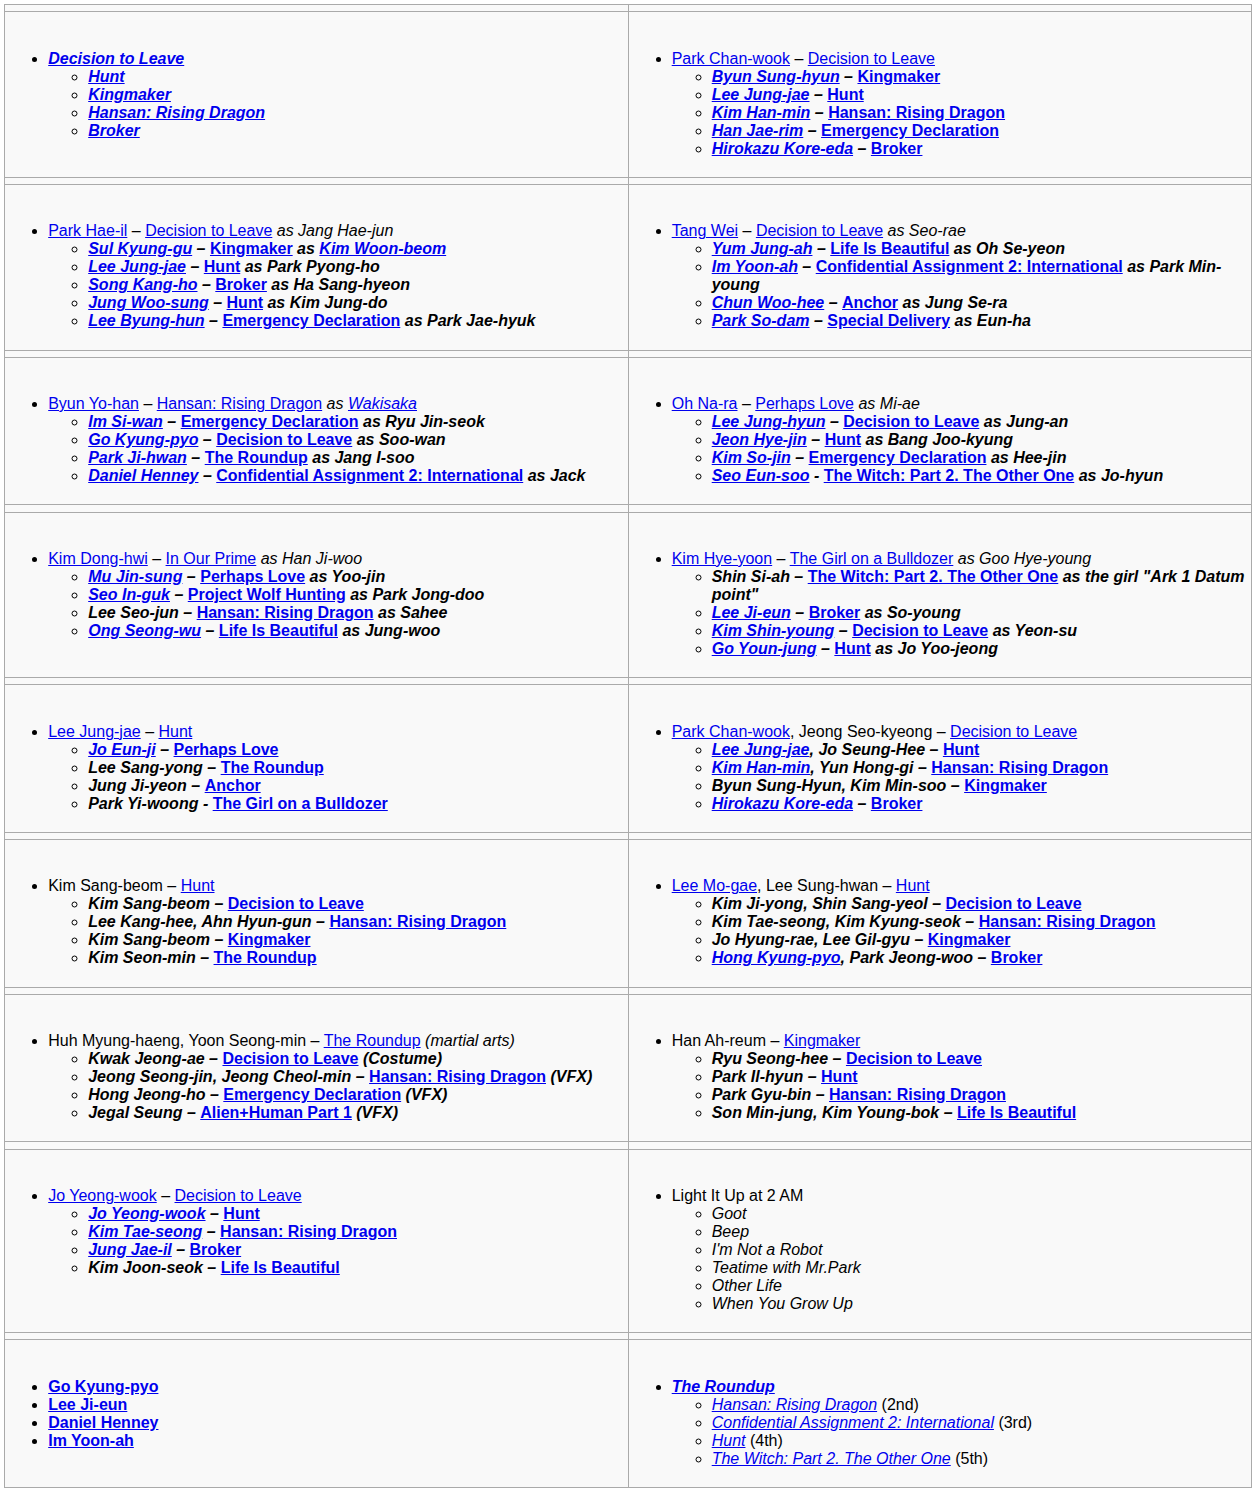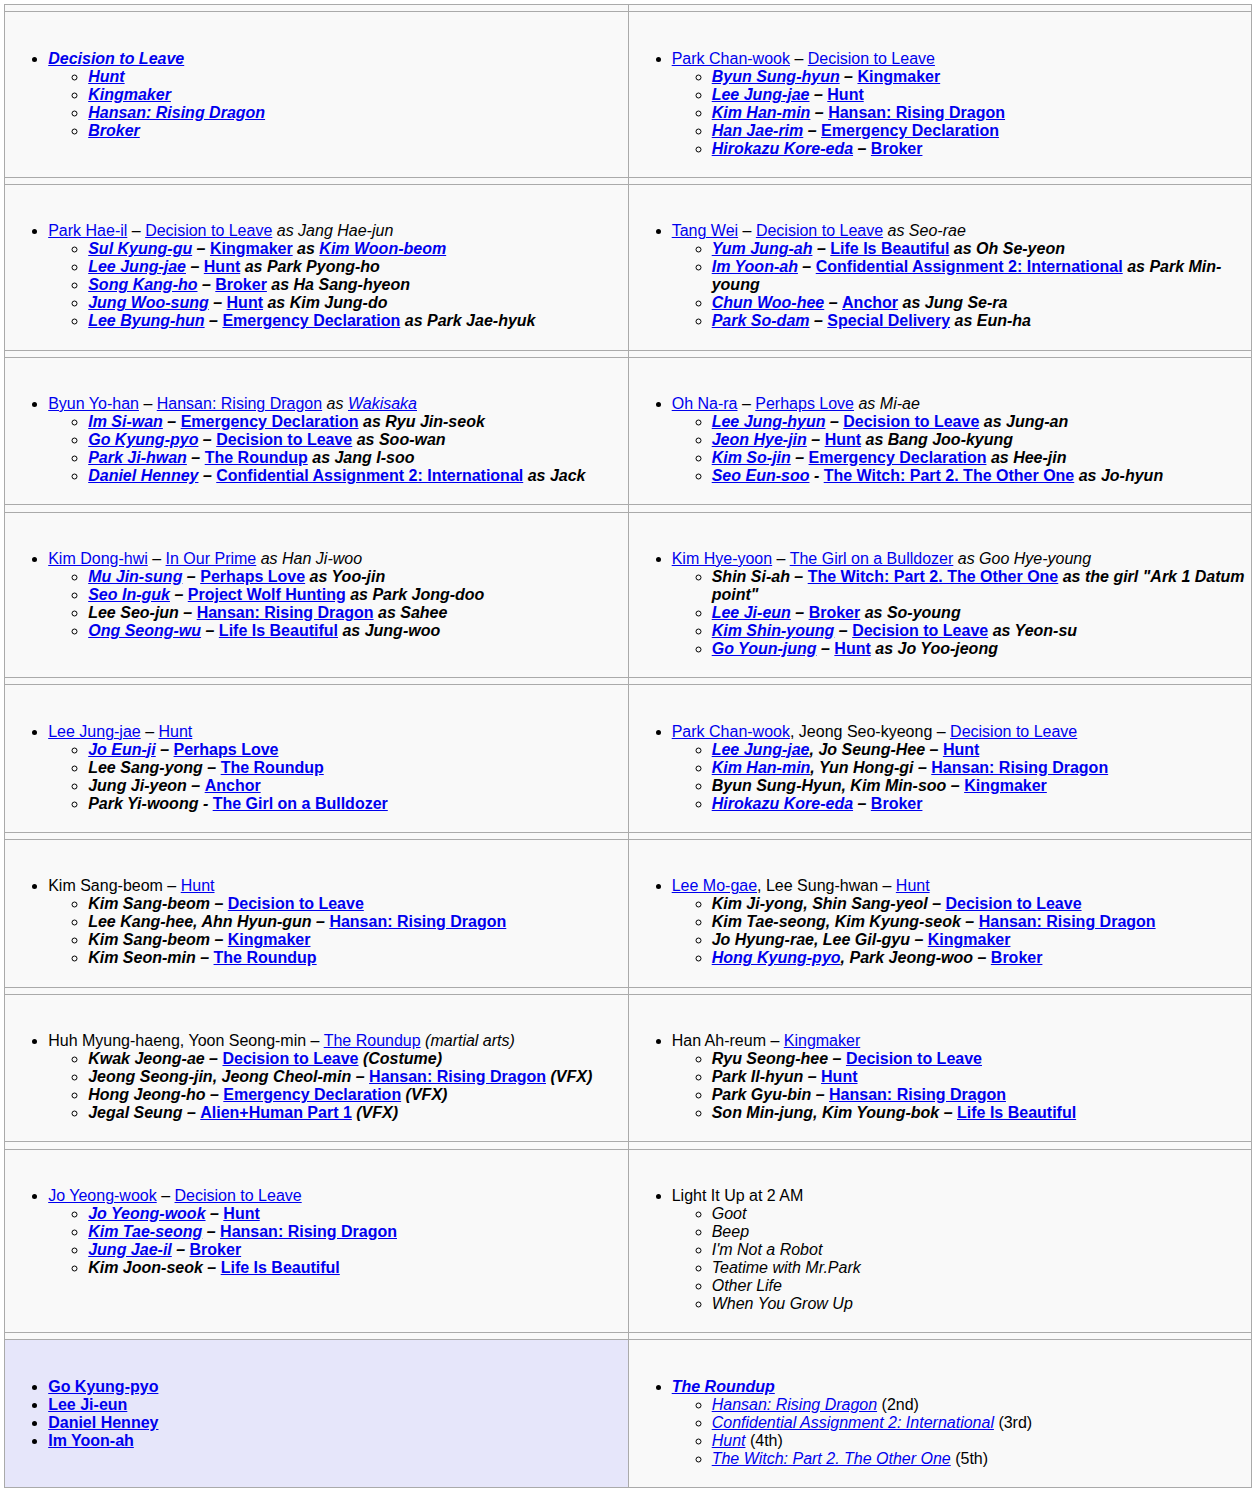 <table class="wikitable ">
 <tr>
 <td style="vertical-align:top; width:50%;"></td>
 <td style="vertical-align:top; width:50%;"></td>
 </tr>
 <tr>
 <td valign="top"><br><ul><li><strong><em><a href='#'>Decision to Leave</a><em> <strong><ul><li></em><a href='#'>Hunt</a><em></li><li></em><a href='#'>Kingmaker</a><em></li><li></em><a href='#'>Hansan: Rising Dragon</a><em></li><li></em><a href='#'>Broker</a><em></li></ul></li></ul></td>
 <td valign="top"><br><ul><li></strong><a href='#'>Park Chan-wook</a> – </em><a href='#'>Decision to Leave</a><em> <strong><ul><li><a href='#'>Byun Sung-hyun</a> – </em><a href='#'>Kingmaker</a><em></li><li><a href='#'>Lee Jung-jae</a> – </em><a href='#'>Hunt</a><em></li><li><a href='#'>Kim Han-min</a> – </em><a href='#'>Hansan: Rising Dragon</a><em></li><li><a href='#'>Han Jae-rim</a> – </em><a href='#'>Emergency Declaration</a><em></li><li><a href='#'>Hirokazu Kore-eda</a> – </em><a href='#'>Broker</a><em></li></ul></li></ul></td>
 </tr>
 <tr>
 <td style="vertical-align:top; width:50%;"></td>
 <td style="vertical-align:top; width:50%;"></td>
 </tr>
 <tr>
 <td valign="top"><br><ul><li></strong><a href='#'>Park Hae-il</a> – </em><a href='#'>Decision to Leave</a><em> as Jang Hae-jun <strong><ul><li><a href='#'>Sul Kyung-gu</a> – </em><a href='#'>Kingmaker</a><em> as <a href='#'>Kim Woon-beom</a></li><li><a href='#'>Lee Jung-jae</a> – </em><a href='#'>Hunt</a><em> as Park Pyong-ho</li><li><a href='#'>Song Kang-ho</a> – </em><a href='#'>Broker</a><em> as Ha Sang-hyeon</li><li><a href='#'>Jung Woo-sung</a> – </em><a href='#'>Hunt</a><em> as Kim Jung-do</li><li><a href='#'>Lee Byung-hun</a> – </em><a href='#'>Emergency Declaration</a><em> as Park Jae-hyuk</li></ul></li></ul></td>
 <td valign="top"><br><ul><li></strong><a href='#'>Tang Wei</a> – </em><a href='#'>Decision to Leave</a><em> as Seo-rae <strong><ul><li><a href='#'>Yum Jung-ah</a> – </em><a href='#'>Life Is Beautiful</a><em> as Oh Se-yeon</li><li><a href='#'>Im Yoon-ah</a> – </em><a href='#'>Confidential Assignment 2: International</a><em> as Park Min-young</li><li><a href='#'>Chun Woo-hee</a> – </em><a href='#'>Anchor</a><em> as Jung Se-ra</li><li><a href='#'>Park So-dam</a> – </em><a href='#'>Special Delivery</a><em> as Eun-ha</li></ul></li></ul></td>
 </tr>
 <tr>
 <td style="vertical-align:top; width:50%;"></td>
 <td style="vertical-align:top; width:50%;"></td>
 </tr>
 <tr>
 <td valign="top"><br><ul><li></strong><a href='#'>Byun Yo-han</a> – </em><a href='#'>Hansan: Rising Dragon</a><em> as <a href='#'>Wakisaka</a> <strong><ul><li><a href='#'>Im Si-wan</a> – </em><a href='#'>Emergency Declaration</a><em> as Ryu Jin-seok</li><li><a href='#'>Go Kyung-pyo</a> – </em><a href='#'>Decision to Leave</a><em> as Soo-wan</li><li><a href='#'>Park Ji-hwan</a> – </em><a href='#'>The Roundup</a><em> as Jang I-soo</li><li><a href='#'>Daniel Henney</a> – </em><a href='#'>Confidential Assignment 2: International</a><em> as Jack</li></ul></li></ul></td>
 <td valign="top"><br><ul><li></strong><a href='#'>Oh Na-ra</a> – </em><a href='#'>Perhaps Love</a><em> as Mi-ae <strong><ul><li><a href='#'>Lee Jung-hyun</a> – </em><a href='#'>Decision to Leave</a><em> as Jung-an</li><li><a href='#'>Jeon Hye-jin</a> – </em><a href='#'>Hunt</a><em> as Bang Joo-kyung</li><li><a href='#'>Kim So-jin</a> – </em><a href='#'>Emergency Declaration</a><em> as Hee-jin</li><li><a href='#'>Seo Eun-soo</a> - </em><a href='#'>The Witch: Part 2. The Other One</a><em> as Jo-hyun</li></ul></li></ul></td>
 </tr>
 <tr>
 <td style="vertical-align:top; width:50%;"></td>
 <td style="vertical-align:top; width:50%;"></td>
 </tr>
 <tr>
 <td valign="top"><br><ul><li></strong><a href='#'>Kim Dong-hwi</a> – </em><a href='#'>In Our Prime</a><em> as  Han Ji-woo <strong><ul><li><a href='#'>Mu Jin-sung</a> – </em><a href='#'>Perhaps Love</a><em> as Yoo-jin</li><li><a href='#'>Seo In-guk</a> – </em><a href='#'>Project Wolf Hunting</a><em> as Park Jong-doo</li><li>Lee Seo-jun – </em><a href='#'>Hansan: Rising Dragon</a><em> as Sahee</li><li><a href='#'>Ong Seong-wu</a> – </em><a href='#'>Life Is Beautiful</a><em> as Jung-woo</li></ul></li></ul></td>
 <td valign="top"><br><ul><li></strong><a href='#'>Kim Hye-yoon</a> – </em><a href='#'>The Girl on a Bulldozer</a><em> as Goo Hye-young <strong><ul><li>Shin Si-ah – </em><a href='#'>The Witch: Part 2. The Other One</a><em> as the girl "Ark 1 Datum point"</li><li><a href='#'>Lee Ji-eun</a> – </em><a href='#'>Broker</a><em> as So-young</li><li><a href='#'>Kim Shin-young</a> – </em><a href='#'>Decision to Leave</a><em> as Yeon-su</li><li><a href='#'>Go Youn-jung</a> – </em><a href='#'>Hunt</a><em> as Jo Yoo-jeong</li></ul></li></ul></td>
 </tr>
 <tr>
 </tr>
 <tr>
 <td style="vertical-align:top; width:50%;"></td>
 <td style="vertical-align:top; width:50%;"></td>
 </tr>
 <tr>
 <td valign="top"><br><ul><li></strong><a href='#'>Lee Jung-jae</a> – </em><a href='#'>Hunt</a><em> <strong><ul><li><a href='#'>Jo Eun-ji</a> – </em><a href='#'>Perhaps Love</a><em></li><li>Lee Sang-yong – </em><a href='#'>The Roundup</a><em></li><li>Jung Ji-yeon – </em><a href='#'>Anchor</a><em></li><li>Park Yi-woong - </em><a href='#'>The Girl on a Bulldozer</a><em></li></ul></li></ul></td>
 <td valign="top"><br><ul><li></strong><a href='#'>Park Chan-wook</a>, Jeong Seo-kyeong – </em><a href='#'>Decision to Leave</a><em> <strong><ul><li><a href='#'>Lee Jung-jae</a>, Jo Seung-Hee – </em><a href='#'>Hunt</a><em></li><li><a href='#'>Kim Han-min</a>, Yun Hong-gi – </em><a href='#'>Hansan: Rising Dragon</a><em></li><li>Byun Sung-Hyun, Kim Min-soo – </em><a href='#'>Kingmaker</a><em></li><li><a href='#'>Hirokazu Kore-eda</a> – </em><a href='#'>Broker</a><em></li></ul></li></ul></td>
 </tr>
 <tr>
 <td style="vertical-align:top; width:50%;"></td>
 <td style="vertical-align:top; width:50%;"></td>
 </tr>
 <tr>
 <td valign="top"><br><ul><li></strong>Kim Sang-beom – </em><a href='#'>Hunt</a><em> <strong><ul><li>Kim Sang-beom – </em><a href='#'>Decision to Leave</a><em></li><li>Lee Kang-hee, Ahn Hyun-gun – </em><a href='#'>Hansan: Rising Dragon</a><em></li><li>Kim Sang-beom – </em><a href='#'>Kingmaker</a><em></li><li>Kim Seon-min – </em><a href='#'>The Roundup</a><em></li></ul></li></ul></td>
 <td valign="top"><br><ul><li></strong><a href='#'>Lee Mo-gae</a>, Lee Sung-hwan – </em><a href='#'>Hunt</a><em> <strong><ul><li>Kim Ji-yong, Shin Sang-yeol – </em><a href='#'>Decision to Leave</a><em></li><li>Kim Tae-seong, Kim Kyung-seok  – </em><a href='#'>Hansan: Rising Dragon</a><em></li><li>Jo Hyung-rae, Lee Gil-gyu – </em><a href='#'>Kingmaker</a><em></li><li><a href='#'>Hong Kyung-pyo</a>, Park Jeong-woo – </em><a href='#'>Broker</a><em></li></ul></li></ul></td>
 </tr>
 <tr>
 <td style="vertical-align:top; width:50%;"></td>
 <td style="vertical-align:top; width:50%;"></td>
 </tr>
 <tr>
 <td valign="top"><br><ul><li></strong>Huh Myung-haeng, Yoon Seong-min – </em><a href='#'>The Roundup</a><em> (martial arts) <strong><ul><li>Kwak Jeong-ae – </em><a href='#'>Decision to Leave</a><em>  (Costume)</li><li>Jeong Seong-jin, Jeong Cheol-min – </em><a href='#'>Hansan: Rising Dragon</a><em> (VFX)</li><li>Hong Jeong-ho – </em><a href='#'>Emergency Declaration</a><em> (VFX)</li><li>Jegal Seung – </em><a href='#'>Alien+Human Part 1</a><em> (VFX)</li></ul></li></ul></td>
 <td valign="top"><br><ul><li></strong>Han Ah-reum – </em><a href='#'>Kingmaker</a><em> <strong><ul><li>Ryu Seong-hee – </em><a href='#'>Decision to Leave</a><em></li><li>Park Il-hyun – </em><a href='#'>Hunt</a><em></li><li>Park Gyu-bin – </em><a href='#'>Hansan: Rising Dragon</a><em></li><li>Son Min-jung, Kim Young-bok – </em><a href='#'>Life Is Beautiful</a><em></li></ul></li></ul></td>
 </tr>
 <tr>
 <td style="vertical-align:top; width:50%;"></td>
 <td style="vertical-align:top; width:50%;"></td>
 </tr>
 <tr>
 <td valign="top"><br><ul><li></strong><a href='#'>Jo Yeong-wook</a>  – </em><a href='#'>Decision to Leave</a><em> <strong><ul><li><a href='#'>Jo Yeong-wook</a>  – </em><a href='#'>Hunt</a><em></li><li><a href='#'>Kim Tae-seong</a> – </em><a href='#'>Hansan: Rising Dragon</a><em></li><li><a href='#'>Jung Jae-il</a> – </em><a href='#'>Broker</a><em></li><li>Kim Joon-seok – </em><a href='#'>Life Is Beautiful</a><em></li></ul></li></ul></td>
 <td valign="top"><br><ul><li></em></strong>Light It Up at 2 AM</em> </strong><ul><li><em>Goot</em></li><li><em>Beep</em></li><li><em>I'm Not a Robot</em></li><li><em>Teatime with Mr.Park</em></li><li><em>Other Life</em></li><li><em>When You Grow Up</em></li></ul></li></ul></td>
 </tr>
 <tr>
 <td style="vertical-align:top; width:50%;"></td>
 <td style="vertical-align:top; width:50%;"></td>
 </tr>
 <tr>
-<td valign="top"><br><ul><li><strong><a href='#'>Go Kyung-pyo</a> </strong></li><li><strong><a href='#'>Lee Ji-eun</a> </strong></li><li><strong><a href='#'>Daniel Henney</a>  </strong></li><li><strong><a href='#'>Im Yoon-ah</a> </strong></li></ul></td>
+<td valign="top" style="background: lavender;"><br><ul><li><strong><a href='#'>Go Kyung-pyo</a> </strong></li><li><strong><a href='#'>Lee Ji-eun</a> </strong></li><li><strong><a href='#'>Daniel Henney</a>  </strong></li><li><strong><a href='#'>Im Yoon-ah</a> </strong></li></ul></td>
 <td valign="top"><br><ul><li><strong><em><a href='#'>The Roundup</a> </em></strong><ul><li><em><a href='#'>Hansan: Rising Dragon</a></em> (2nd)</li><li><em><a href='#'>Confidential Assignment 2: International</a></em> (3rd)</li><li><em><a href='#'>Hunt</a></em> (4th)</li><li><em><a href='#'>The Witch: Part 2. The Other One</a></em> (5th)</li></ul></li></ul></td>
 </tr>
 <tr>
 </tr>
 </table>
